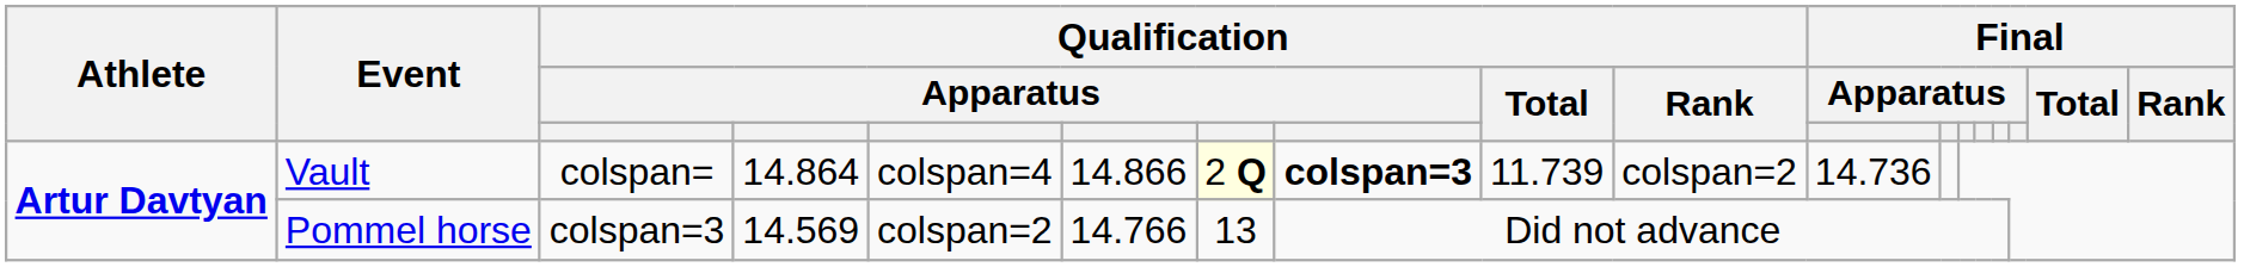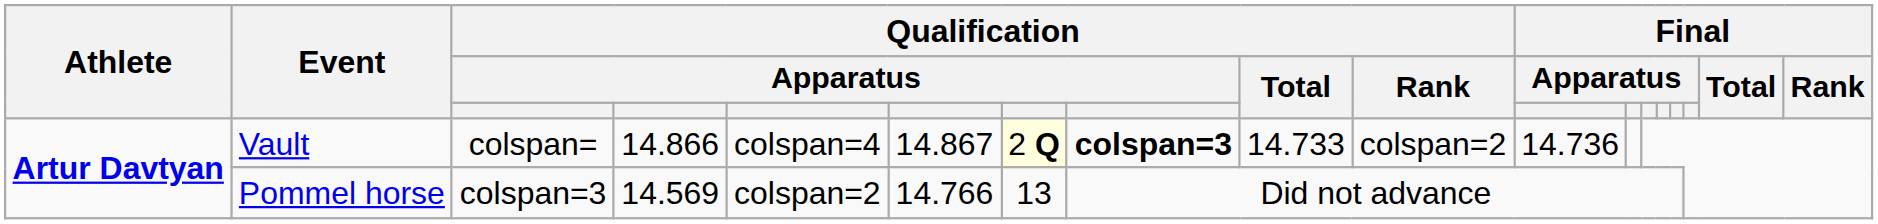 <table class="wikitable" style="font-size:90%">
 <tr>
 <th rowspan=3>Athlete</th>
 <th rowspan=3>Event</th>
 <th colspan =8>Qualification</th>
 <th colspan =8>Final</th>
 </tr>
 <tr style="font-size:95%">
 <th colspan=6>Apparatus</th>
 <th rowspan=2>Total</th>
 <th rowspan=2>Rank</th>
 <th colspan=6>Apparatus</th>
 <th rowspan=2>Total</th>
 <th rowspan=2>Rank</th>
 </tr>
 <tr style="font-size:95%">
 <th></th>
 <th></th>
 <th></th>
 <th></th>
 <th></th>
 <th></th>
 <th></th>
 <th></th>
 <th></th>
 <th></th>
 <th></th>
 <th></th>
 </tr>
 <tr align=center>
 <td align=left rowspan=2><strong><a href='#'>Artur Davtyan</a></strong></td>
 <td align=left><a href='#'>Vault</a></td>
 <td>colspan= </td>
-<td>14.864</td>
+<td>14.866</td>
 <td>colspan=4 </td>
-<td>14.866</td>
+<td>14.867</td>
 <td style="background: lightyellow;">2 <strong>Q</strong></td>
 <td><strong>colspan=3 </strong></td>
-<td>11.739</td>
+<td>14.733</td>
 <td>colspan=2 </td>
 <td>14.736</td>
 <td></td>
 </tr>
 <tr align=center>
 <td align=left><a href='#'>Pommel horse</a></td>
 <td>colspan=3 </td>
 <td>14.569</td>
 <td>colspan=2 </td>
 <td>14.766</td>
 <td>13</td>
 <td colspan=8>Did not advance</td>
 </tr>
 </table>
